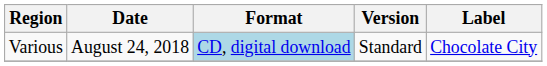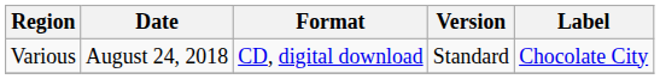 <table class="wikitable sortable">
 <tr>
 <th>Region</th>
 <th>Date</th>
 <th>Format</th>
 <th>Version</th>
 <th>Label</th>
 </tr>
 <tr>
 <td>Various</td>
 <td>August 24, 2018</td>
-<td style="background: lightblue;"><a href='#'>CD</a>, <a href='#'>digital download</a></td>
+<td><a href='#'>CD</a>, <a href='#'>digital download</a></td>
 <td>Standard</td>
 <td><a href='#'>Chocolate City</a></td>
 </tr>
 <tr>
 </tr>
 </table>
